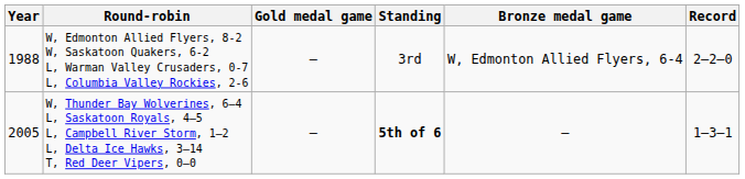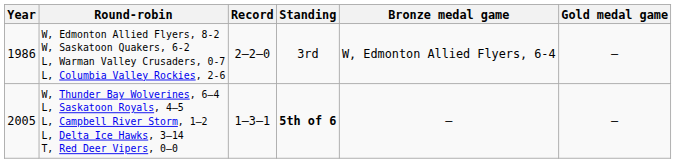 <table class="wikitable" style="text-align:center">
 <tr>
 <th>Year</th>
 <th>Round-robin</th>
-<th>Gold medal game</th>
+<th>Record</th>
 <th>Standing</th>
 <th>Bronze medal game</th>
-<th>Record</th>
+<th>Gold medal game</th>
 </tr>
 <tr>
-<td>1988</td>
+<td>1986</td>
 <td align=left><small>W, Edmonton Allied Flyers, 8-2<br>W, Saskatoon Quakers, 6-2<br>L, Warman Valley Crusaders, 0-7<br>L, <a href='#'>Columbia Valley Rockies</a>, 2-6</small></td>
-<td>—</td>
+<td>2–2–0</td>
 <td>3rd</td>
 <td>W, Edmonton Allied Flyers, 6-4</td>
-<td>2–2–0</td>
+<td>—</td>
 </tr>
 <tr>
 <td>2005</td>
 <td align=left><small>W, <a href='#'>Thunder Bay Wolverines</a>, 6–4<br>L, <a href='#'>Saskatoon Royals</a>, 4–5<br>L, <a href='#'>Campbell River Storm</a>, 1–2<br>L, <a href='#'>Delta Ice Hawks</a>, 3–14<br>T, <a href='#'>Red Deer Vipers</a>, 0–0</small></td>
-<td>—</td>
+<td>1–3–1</td>
 <td><strong>5th of 6</strong></td>
 <td>—</td>
-<td>1–3–1</td>
+<td>—</td>
 </tr>
 </table>
